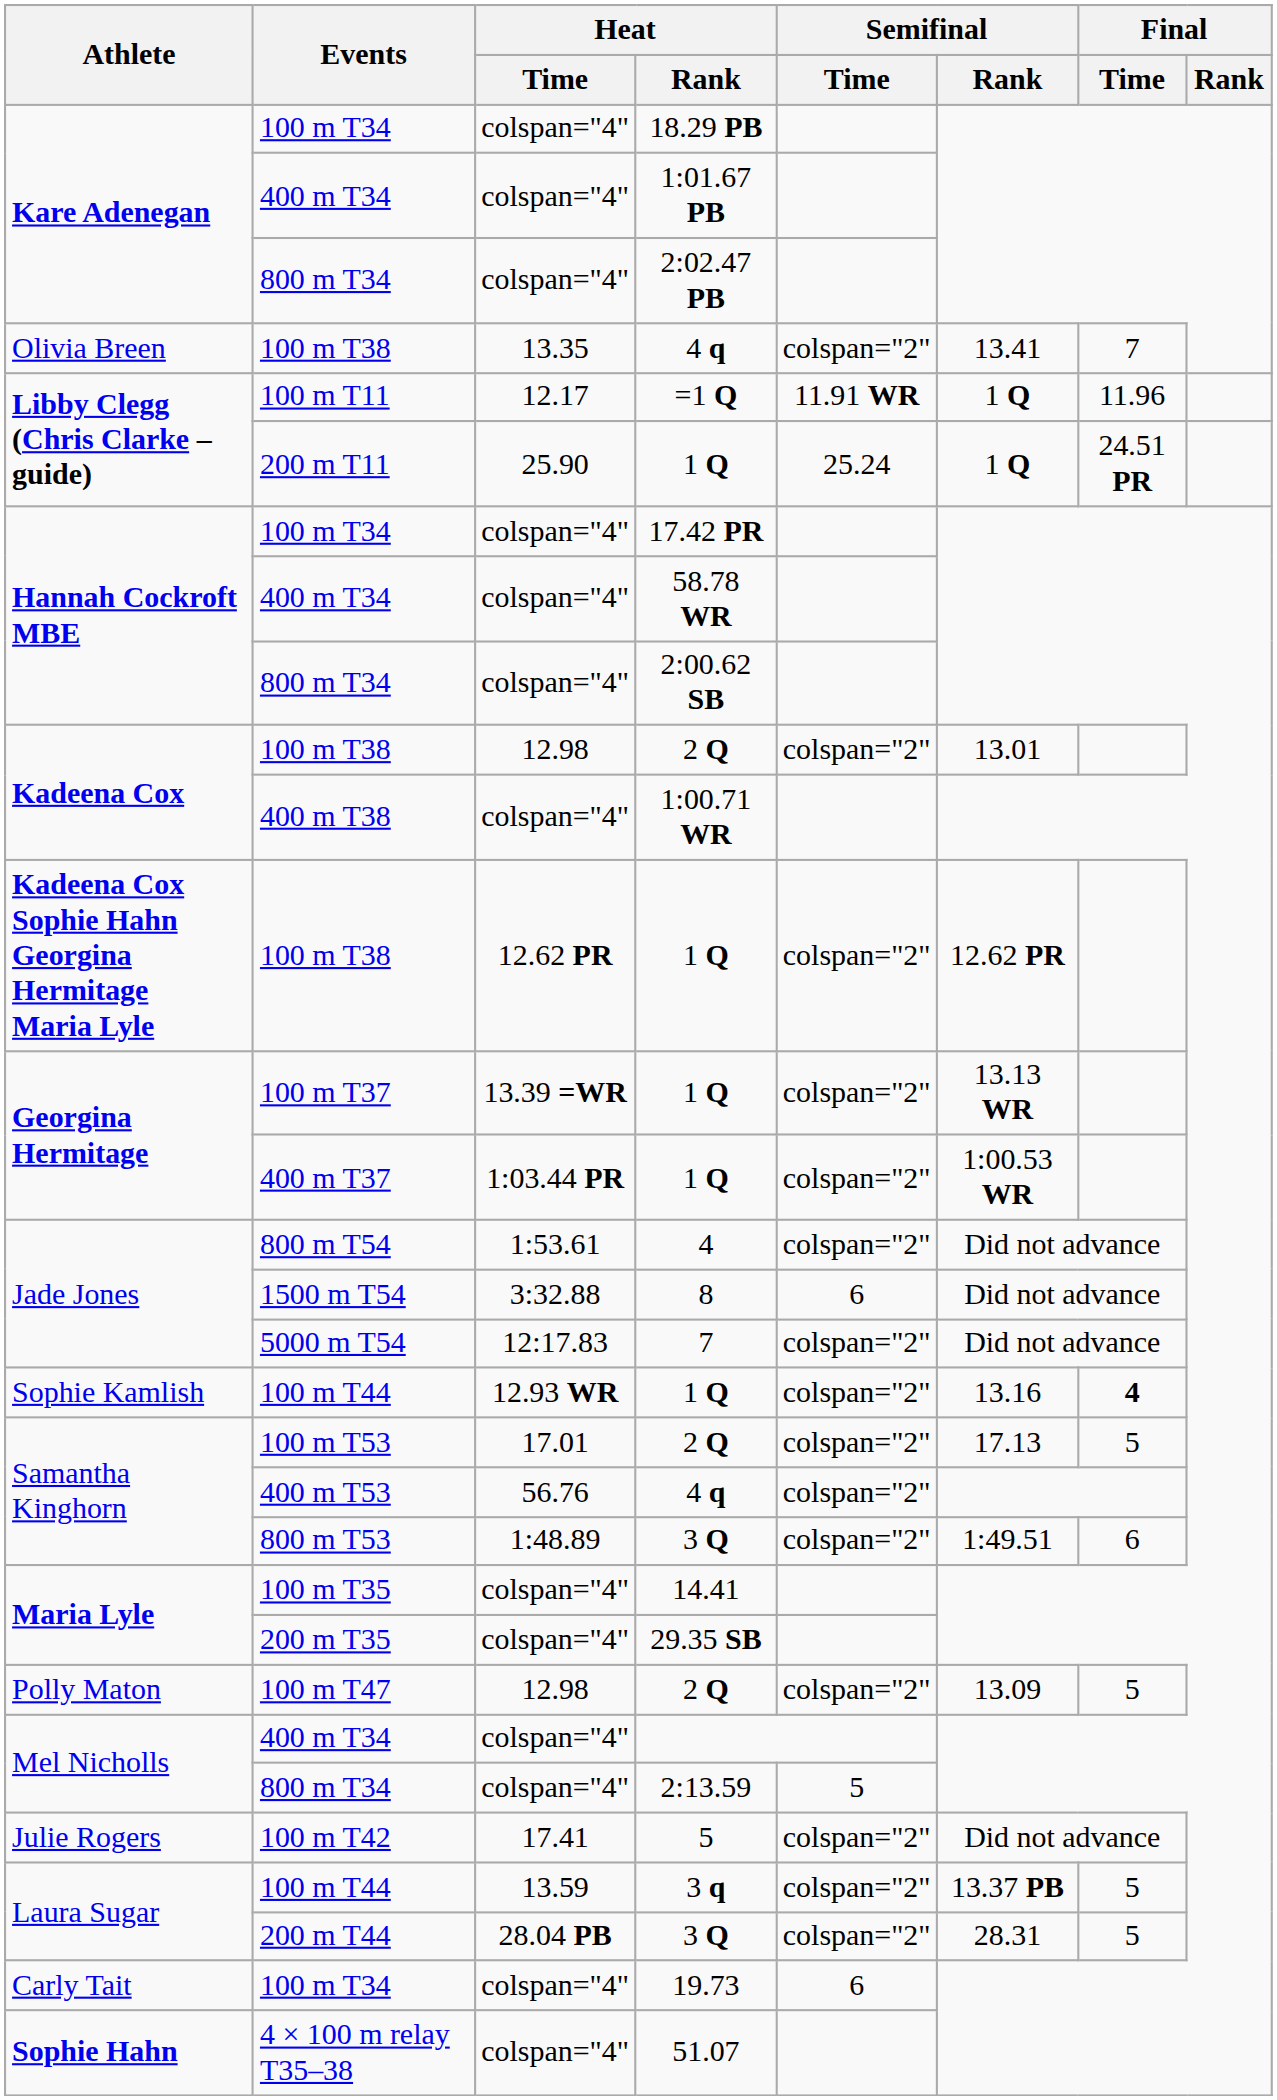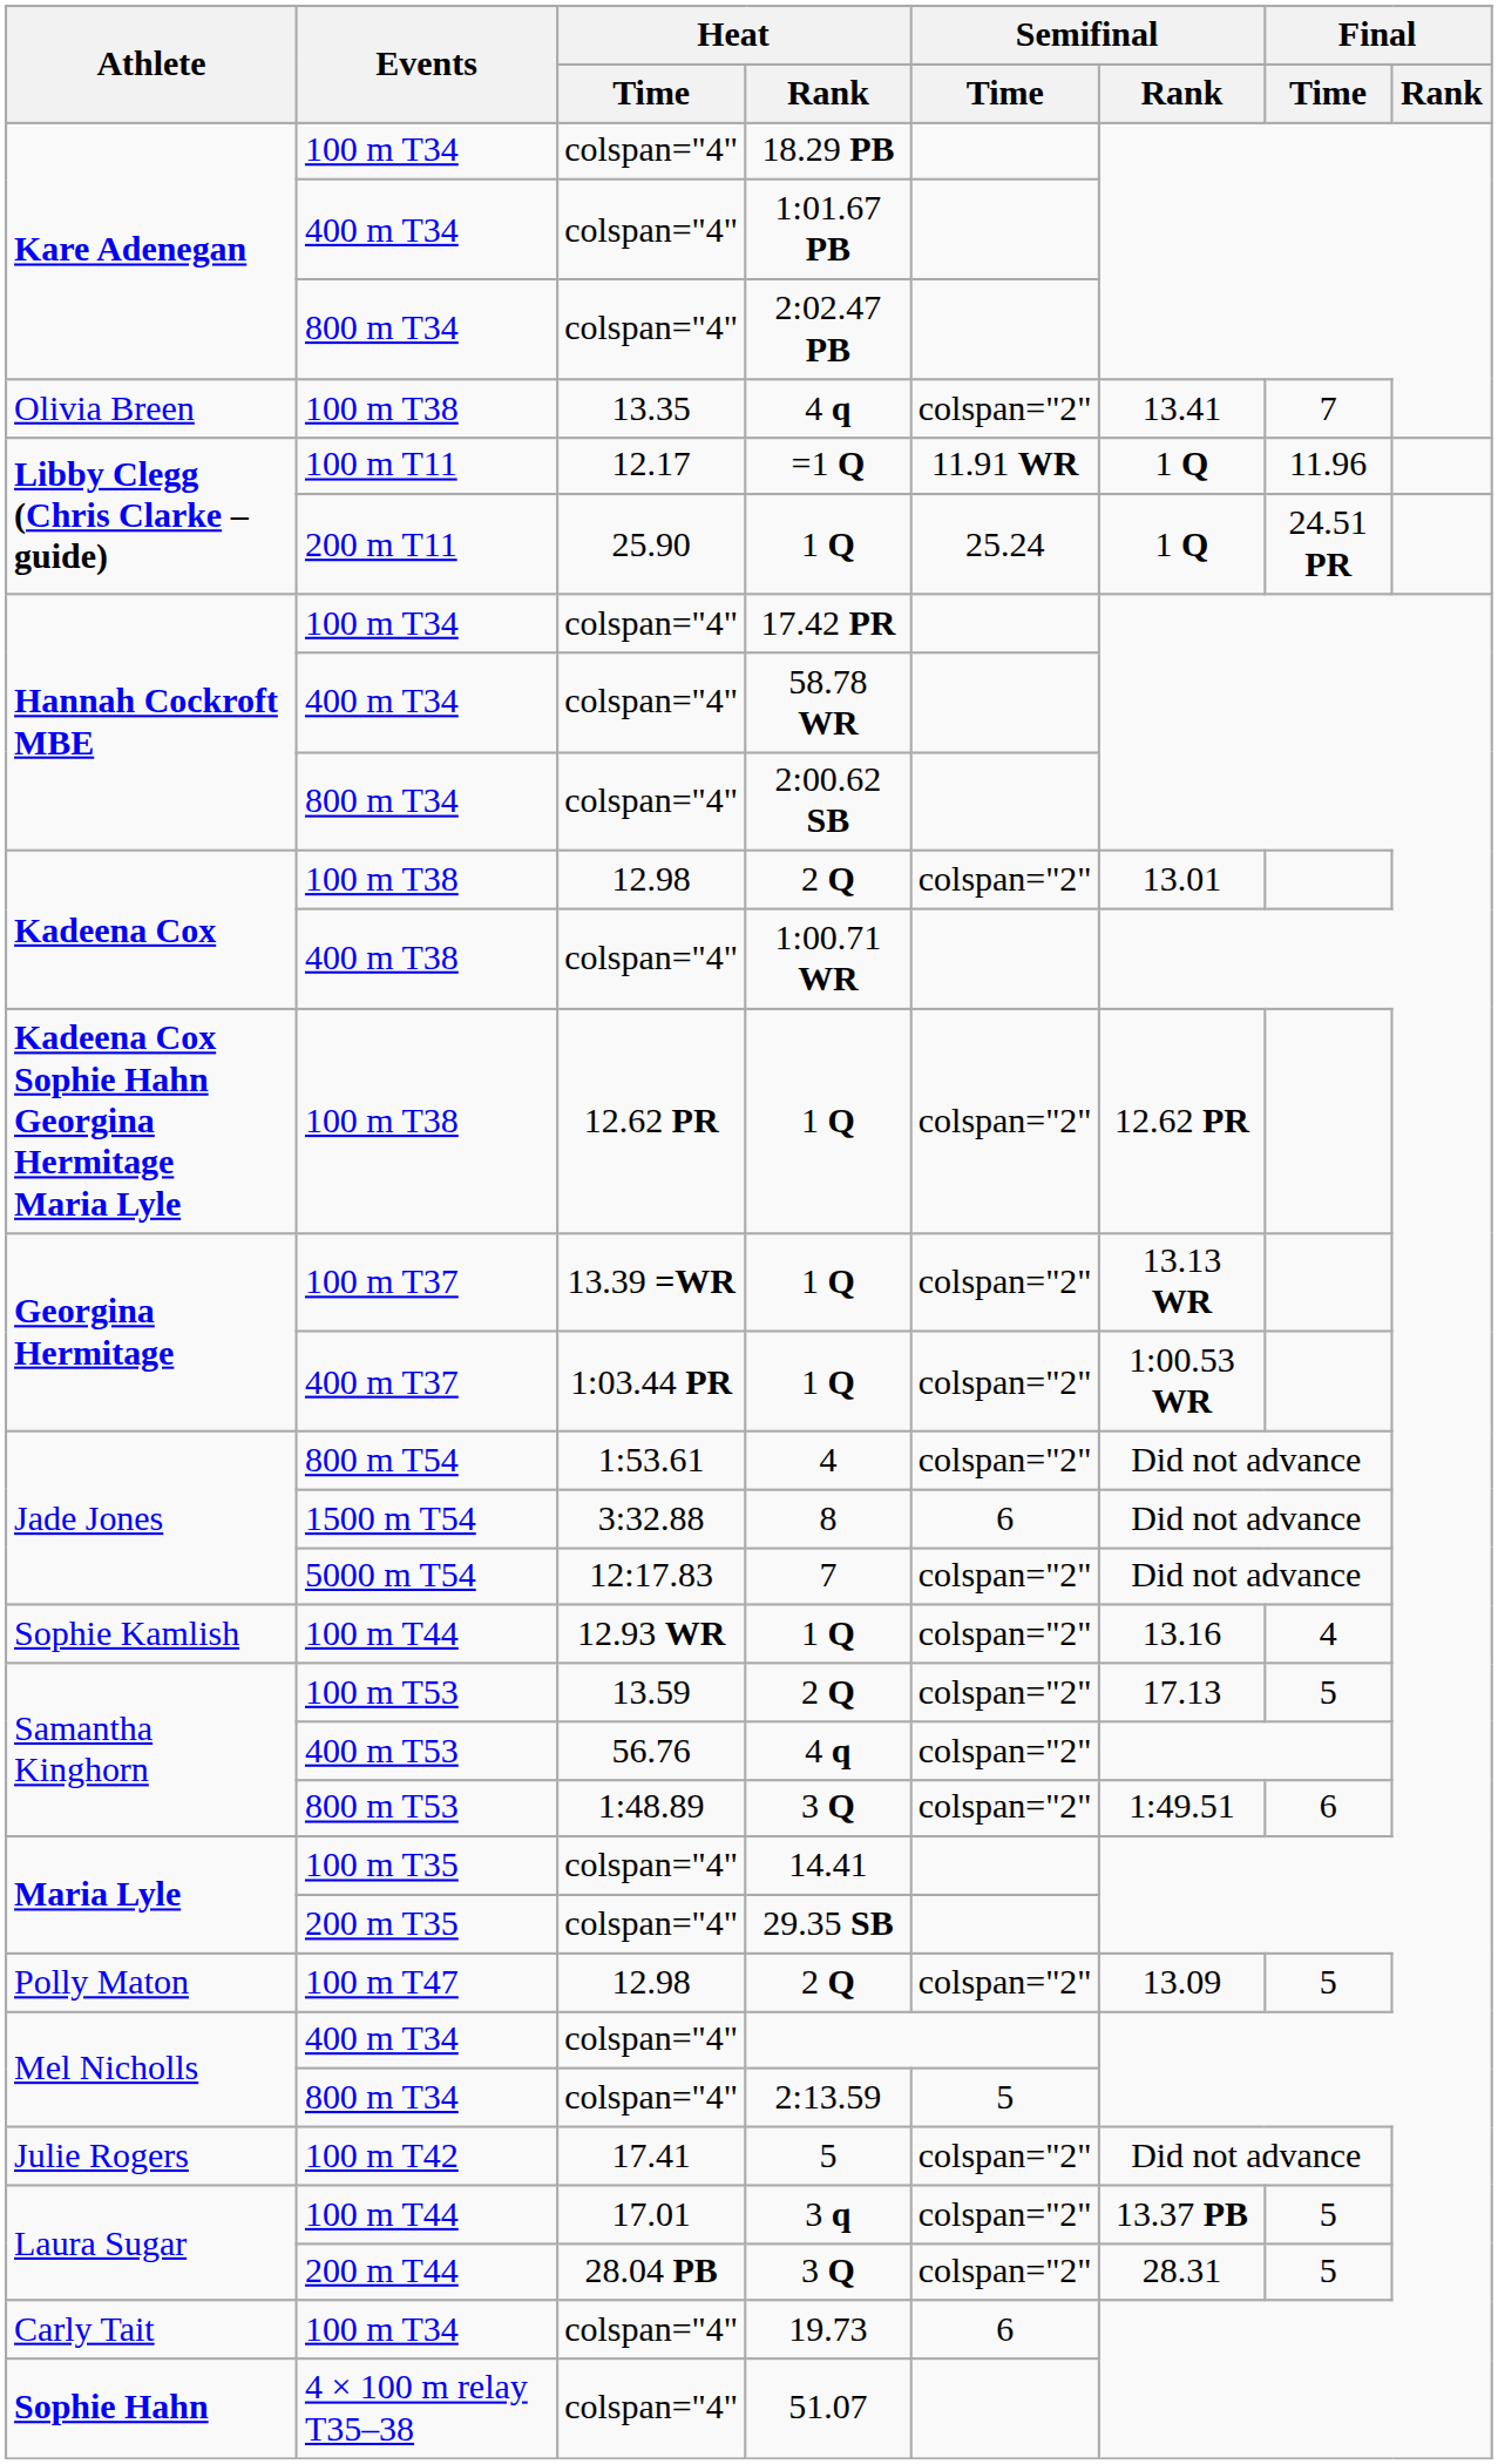 <table class=wikitable style="font-size:90%">
 <tr>
 <th rowspan="2">Athlete</th>
 <th rowspan="2">Events</th>
 <th colspan="2">Heat</th>
 <th colspan="2">Semifinal</th>
 <th colspan="2">Final</th>
 </tr>
 <tr>
 <th>Time</th>
 <th>Rank</th>
 <th>Time</th>
 <th>Rank</th>
 <th>Time</th>
 <th>Rank</th>
 </tr>
 <tr align=center>
 <td style="text-align:left;" rowspan="3"><strong><a href='#'>Kare Adenegan</a></strong></td>
 <td align=left><a href='#'>100 m T34</a></td>
 <td>colspan="4" </td>
 <td>18.29 <strong>PB</strong></td>
 <td></td>
 </tr>
 <tr align=center>
 <td align=left><a href='#'>400 m T34</a></td>
 <td>colspan="4" </td>
 <td>1:01.67 <strong>PB</strong></td>
 <td></td>
 </tr>
 <tr align=center>
 <td align=left><a href='#'>800 m T34</a></td>
 <td>colspan="4" </td>
 <td>2:02.47 <strong>PB</strong></td>
 <td></td>
 </tr>
 <tr align=center>
 <td align=left><a href='#'>Olivia Breen</a></td>
 <td align=left><a href='#'>100 m T38</a></td>
 <td>13.35</td>
 <td>4 <strong>q</strong></td>
 <td>colspan="2" </td>
 <td>13.41</td>
 <td>7</td>
 </tr>
 <tr align=center>
 <td style="text-align:left;" rowspan="2"><strong><a href='#'>Libby Clegg</a><br>(<a href='#'>Chris Clarke</a> – guide)</strong></td>
 <td align=left><a href='#'>100 m T11</a></td>
 <td>12.17</td>
 <td>=1 <strong>Q</strong></td>
 <td>11.91 <strong>WR</strong></td>
 <td>1 <strong>Q</strong></td>
 <td>11.96</td>
 <td></td>
 </tr>
 <tr align=center>
 <td align=left><a href='#'>200 m T11</a></td>
 <td>25.90</td>
 <td>1 <strong>Q</strong></td>
 <td>25.24</td>
 <td>1 <strong>Q</strong></td>
 <td>24.51 <strong>PR</strong></td>
 <td></td>
 </tr>
 <tr align=center>
 <td style="text-align:left;" rowspan="3"><strong><a href='#'>Hannah Cockroft MBE</a></strong></td>
 <td align=left><a href='#'>100 m T34</a></td>
 <td>colspan="4" </td>
 <td>17.42 <strong>PR</strong></td>
 <td></td>
 </tr>
 <tr align=center>
 <td align=left><a href='#'>400 m T34</a></td>
 <td>colspan="4" </td>
 <td>58.78 <strong>WR</strong></td>
 <td></td>
 </tr>
 <tr align=center>
 <td align=left><a href='#'>800 m T34</a></td>
 <td>colspan="4" </td>
 <td>2:00.62 <strong>SB</strong></td>
 <td></td>
 </tr>
 <tr align=center>
 <td style="text-align:left;" rowspan="2"><strong><a href='#'>Kadeena Cox</a></strong></td>
 <td align=left><a href='#'>100 m T38</a></td>
 <td>12.98</td>
 <td>2 <strong>Q</strong></td>
 <td>colspan="2" </td>
 <td>13.01</td>
 <td></td>
 </tr>
 <tr align=center>
 <td align=left><a href='#'>400 m T38</a></td>
 <td>colspan="4" </td>
 <td>1:00.71 <strong>WR</strong></td>
 <td></td>
 </tr>
 <tr align=center>
 <td align=left><strong><a href='#'>Kadeena Cox</a><br><a href='#'>Sophie Hahn</a><br><a href='#'>Georgina Hermitage</a><br><a href='#'>Maria Lyle</a></strong></td>
 <td align=left><a href='#'>100 m T38</a></td>
 <td>12.62 <strong>PR</strong></td>
 <td>1 <strong>Q</strong></td>
 <td>colspan="2" </td>
 <td>12.62 <strong>PR</strong></td>
 <td></td>
 </tr>
 <tr align=center>
 <td style="text-align:left;" rowspan="2"><strong><a href='#'>Georgina Hermitage</a></strong></td>
 <td align=left><a href='#'>100 m T37</a></td>
 <td>13.39 <strong>=WR</strong></td>
 <td>1 <strong>Q</strong></td>
 <td>colspan="2" </td>
 <td>13.13 <strong>WR</strong></td>
 <td></td>
 </tr>
 <tr align=center>
 <td align=left><a href='#'>400 m T37</a></td>
 <td>1:03.44 <strong>PR</strong></td>
 <td>1 <strong>Q</strong></td>
 <td>colspan="2" </td>
 <td>1:00.53 <strong>WR</strong></td>
 <td></td>
 </tr>
 <tr align=center>
 <td style="text-align:left;" rowspan="3"><a href='#'>Jade Jones</a></td>
 <td align=left><a href='#'>800 m T54</a></td>
 <td>1:53.61</td>
 <td>4</td>
 <td>colspan="2" </td>
 <td colspan="2">Did not advance</td>
 </tr>
 <tr align=center>
 <td align=left><a href='#'>1500 m T54</a></td>
 <td>3:32.88</td>
 <td>8</td>
 <td>6</td>
 <td colspan="2">Did not advance</td>
 </tr>
 <tr align=center>
 <td align=left><a href='#'>5000 m T54</a></td>
 <td>12:17.83</td>
 <td>7</td>
 <td>colspan="2" </td>
 <td colspan="2">Did not advance</td>
 </tr>
 <tr align=center>
 <td align=left><a href='#'>Sophie Kamlish</a></td>
 <td align=left><a href='#'>100 m T44</a></td>
 <td>12.93 <strong>WR</strong></td>
 <td>1 <strong>Q</strong></td>
 <td>colspan="2" </td>
 <td>13.16</td>
-<td><strong>4</strong></td>
+<td>4</td>
 </tr>
 <tr align=center>
 <td style="text-align:left;" rowspan="3"><a href='#'>Samantha Kinghorn</a></td>
 <td align=left><a href='#'>100 m T53</a></td>
-<td>17.01</td>
+<td>13.59</td>
 <td>2 <strong>Q</strong></td>
 <td>colspan="2" </td>
 <td>17.13</td>
 <td>5</td>
 </tr>
 <tr align=center>
 <td align=left><a href='#'>400 m T53</a></td>
 <td>56.76</td>
 <td>4 <strong>q</strong></td>
 <td>colspan="2" </td>
 <td colspan="2"></td>
 </tr>
 <tr align=center>
 <td align=left><a href='#'>800 m T53</a></td>
 <td>1:48.89</td>
 <td>3 <strong>Q</strong></td>
 <td>colspan="2" </td>
 <td>1:49.51</td>
 <td>6</td>
 </tr>
 <tr align=center>
 <td style="text-align:left;" rowspan="2"><strong><a href='#'>Maria Lyle</a></strong></td>
 <td align=left><a href='#'>100 m T35</a></td>
 <td>colspan="4" </td>
 <td>14.41</td>
 <td></td>
 </tr>
 <tr align=center>
 <td align=left><a href='#'>200 m T35</a></td>
 <td>colspan="4" </td>
 <td>29.35 <strong>SB</strong></td>
 <td></td>
 </tr>
 <tr align=center>
 <td align=left><a href='#'>Polly Maton</a></td>
 <td align=left><a href='#'>100 m T47</a></td>
 <td>12.98</td>
 <td>2 <strong>Q</strong></td>
 <td>colspan="2" </td>
 <td>13.09</td>
 <td>5</td>
 </tr>
 <tr align=center>
 <td style="text-align:left;" rowspan="2"><a href='#'>Mel Nicholls</a></td>
 <td align=left><a href='#'>400 m T34</a></td>
 <td>colspan="4" </td>
 <td colspan="2"></td>
 </tr>
 <tr align=center>
 <td align=left><a href='#'>800 m T34</a></td>
 <td>colspan="4" </td>
 <td>2:13.59</td>
 <td>5</td>
 </tr>
 <tr align=center>
 <td align=left><a href='#'>Julie Rogers</a></td>
 <td align=left><a href='#'>100 m T42</a></td>
 <td>17.41</td>
 <td>5</td>
 <td>colspan="2" </td>
 <td colspan="2">Did not advance</td>
 </tr>
 <tr align=center>
 <td style="text-align:left;" rowspan="2"><a href='#'>Laura Sugar</a></td>
 <td align=left><a href='#'>100 m T44</a></td>
-<td>13.59</td>
+<td>17.01</td>
 <td>3 <strong>q</strong></td>
 <td>colspan="2" </td>
 <td>13.37 <strong>PB</strong></td>
 <td>5</td>
 </tr>
 <tr align=center>
 <td align=left><a href='#'>200 m T44</a></td>
 <td>28.04 <strong>PB</strong></td>
 <td>3 <strong>Q</strong></td>
 <td>colspan="2" </td>
 <td>28.31</td>
 <td>5</td>
 </tr>
 <tr align=center>
 <td align=left><a href='#'>Carly Tait</a></td>
 <td align=left><a href='#'>100 m T34</a></td>
 <td>colspan="4" </td>
 <td>19.73</td>
 <td>6</td>
 </tr>
 <tr align=center>
 <td align=left><strong><a href='#'>Sophie Hahn</a></strong></td>
 <td align=left><a href='#'>4 × 100 m relay T35–38</a></td>
 <td>colspan="4" </td>
 <td>51.07</td>
 <td></td>
 </tr>
 </table>
